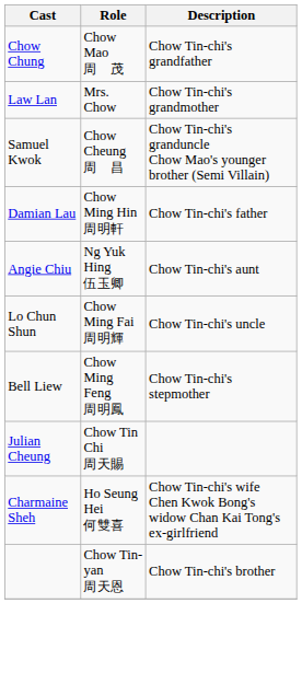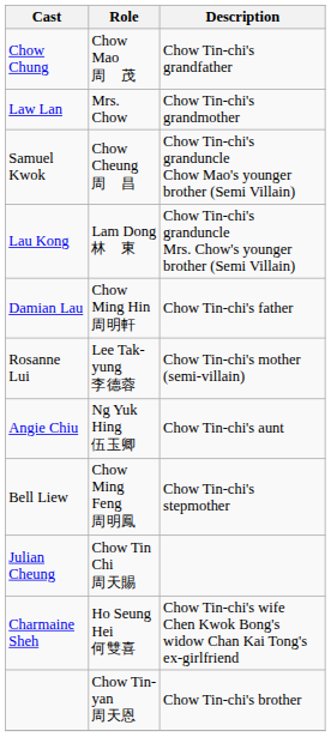 <table class="wikitable" width="55%">
 <tr>
 <th>Cast</th>
 <th>Role</th>
 <th>Description</th>
 </tr>
 <tr>
 <td><a href='#'>Chow Chung</a></td>
 <td>Chow Mao<br>周　茂</td>
 <td>Chow Tin-chi's grandfather</td>
 </tr>
 <tr>
 <td><a href='#'>Law Lan</a></td>
 <td>Mrs. Chow</td>
 <td>Chow Tin-chi's grandmother</td>
 </tr>
 <tr>
 <td>Samuel Kwok</td>
 <td>Chow Cheung<br>周　昌</td>
 <td>Chow Tin-chi's granduncle<br>Chow Mao's younger brother (Semi Villain)</td>
 </tr>
 <tr>
+<td><a href='#'>Lau Kong</a></td>
+<td>Lam Dong<br>林　東</td>
+<td>Chow Tin-chi's granduncle<br>Mrs. Chow's younger brother (Semi Villain)</td>
+</tr>
+<tr>
 <td><a href='#'>Damian Lau</a></td>
 <td>Chow Ming Hin<br>周明軒</td>
 <td>Chow Tin-chi's father</td>
 </tr>
 <tr>
+<td>Rosanne Lui</td>
+<td>Lee Tak-yung<br>李德蓉</td>
+<td>Chow Tin-chi's mother (semi-villain)</td>
+</tr>
+<tr>
 <td><a href='#'>Angie Chiu</a></td>
 <td>Ng Yuk Hing<br>伍玉卿</td>
 <td>Chow Tin-chi's aunt</td>
-</tr>
-<tr>
-<td>Lo Chun Shun</td>
-<td>Chow Ming Fai<br>周明輝</td>
-<td>Chow Tin-chi's uncle</td>
 </tr>
 <tr>
 <td>Bell Liew</td>
 <td>Chow Ming Feng<br>周明鳳</td>
 <td>Chow Tin-chi's stepmother</td>
 </tr>
 <tr>
 <td><a href='#'>Julian Cheung</a></td>
 <td>Chow Tin Chi<br>周天賜</td>
 <td></td>
 </tr>
 <tr>
 <td><a href='#'>Charmaine Sheh</a></td>
 <td>Ho Seung Hei<br>何雙喜</td>
 <td>Chow Tin-chi's wife<br>Chen Kwok Bong's widow Chan Kai Tong's ex-girlfriend</td>
 </tr>
 <tr>
 <td></td>
 <td>Chow Tin-yan<br>周天恩</td>
 <td>Chow Tin-chi's brother</td>
 </tr>
 <tr>
 </tr>
 </table>
